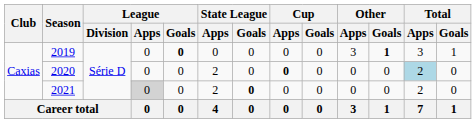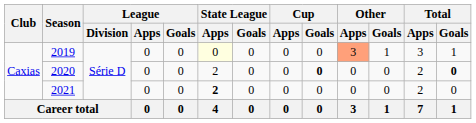 <table class="wikitable" style="text-align: center">
 <tr>
 <th rowspan="2">Club</th>
 <th rowspan="2">Season</th>
 <th colspan="3">League</th>
 <th colspan="2">State League</th>
 <th colspan="2">Cup</th>
 <th colspan="2">Other</th>
 <th colspan="2">Total</th>
 </tr>
 <tr>
 <th>Division</th>
 <th>Apps</th>
 <th>Goals</th>
 <th>Apps</th>
 <th>Goals</th>
 <th>Apps</th>
 <th>Goals</th>
 <th>Apps</th>
 <th>Goals</th>
 <th>Apps</th>
 <th>Goals</th>
 </tr>
 <tr>
 <td rowspan="3"><a href='#'>Caxias</a></td>
 <td><a href='#'>2019</a></td>
 <td rowspan="3"><a href='#'>Série D</a></td>
 <td>0</td>
-<td><strong>0</strong></td>
+<td>0</td>
+<td style="background: lightyellow;">0</td>
 <td>0</td>
 <td>0</td>
 <td>0</td>
-<td>0</td>
-<td>3</td>
-<td><strong>1</strong></td>
+<td style="background: lightsalmon;">3</td>
+<td>1</td>
 <td>3</td>
 <td>1</td>
 </tr>
 <tr>
 <td><a href='#'>2020</a></td>
 <td>0</td>
 <td>0</td>
 <td>2</td>
 <td>0</td>
+<td>0</td>
 <td><strong>0</strong></td>
 <td>0</td>
 <td>0</td>
-<td>0</td>
-<td style="background: lightblue;">2</td>
-<td>0</td>
+<td>2</td>
+<td><strong>0</strong></td>
 </tr>
 <tr>
 <td><a href='#'>2021</a></td>
-<td style="background: lightgrey;">0</td>
 <td>0</td>
-<td>2</td>
-<td><strong>0</strong></td>
+<td>0</td>
+<td><strong>2</strong></td>
+<td>0</td>
 <td>0</td>
 <td>0</td>
 <td>0</td>
 <td>0</td>
 <td>2</td>
 <td>0</td>
 </tr>
 <tr>
 <th colspan="3"><strong>Career total</strong></th>
 <th>0</th>
 <th>0</th>
 <th>4</th>
 <th>0</th>
 <th>0</th>
 <th>0</th>
 <th>3</th>
 <th>1</th>
 <th>7</th>
 <th>1</th>
 </tr>
 </table>
